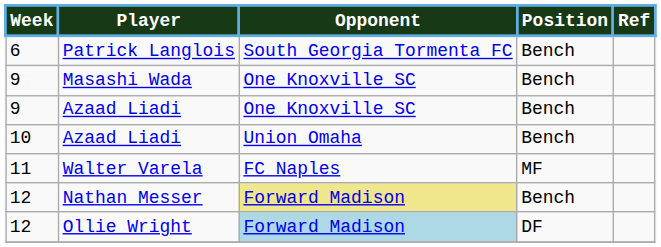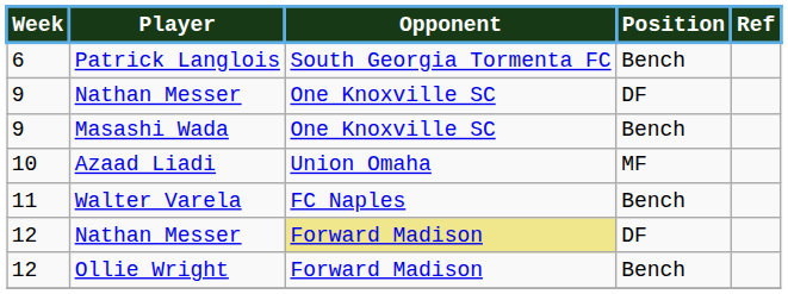 <table class=wikitable>
 <tr>
 <th style="background:#173916; color:#FFFFFF; border:2px solid #5FAFE4;">Week</th>
 <th style="background:#173916; color:#FFFFFF; border:2px solid #5FAFE4;">Player</th>
 <th style="background:#173916; color:#FFFFFF; border:2px solid #5FAFE4;">Opponent</th>
 <th style="background:#173916; color:#FFFFFF; border:2px solid #5FAFE4;">Position</th>
 <th style="background:#173916; color:#FFFFFF; border:2px solid #5FAFE4;">Ref</th>
 </tr>
 <tr>
 <td>6</td>
 <td> <a href='#'>Patrick Langlois</a></td>
 <td><a href='#'>South Georgia Tormenta FC</a></td>
 <td>Bench</td>
 <td></td>
 </tr>
 <tr>
 <td>9</td>
-<td> <a href='#'>Masashi Wada</a></td>
+<td> <a href='#'>Nathan Messer</a></td>
 <td><a href='#'>One Knoxville SC</a></td>
-<td>Bench</td>
+<td>DF</td>
 <td></td>
 </tr>
 <tr>
 <td>9</td>
-<td> <a href='#'>Azaad Liadi</a></td>
+<td> <a href='#'>Masashi Wada</a></td>
 <td><a href='#'>One Knoxville SC</a></td>
 <td>Bench</td>
 <td></td>
 </tr>
 <tr>
 <td>10</td>
 <td> <a href='#'>Azaad Liadi</a></td>
 <td><a href='#'>Union Omaha</a></td>
-<td>Bench</td>
+<td>MF</td>
 <td></td>
 </tr>
 <tr>
 <td>11</td>
 <td> <a href='#'>Walter Varela</a></td>
 <td><a href='#'>FC Naples</a></td>
-<td>MF</td>
+<td>Bench</td>
 <td></td>
 </tr>
 <tr>
 <td>12</td>
 <td> <a href='#'>Nathan Messer</a></td>
 <td style="background: khaki;"><a href='#'>Forward Madison</a></td>
-<td>Bench</td>
+<td>DF</td>
 <td></td>
 </tr>
 <tr>
 <td>12</td>
 <td> <a href='#'>Ollie Wright</a></td>
-<td style="background: lightblue;"><a href='#'>Forward Madison</a></td>
-<td>DF</td>
+<td><a href='#'>Forward Madison</a></td>
+<td>Bench</td>
 <td></td>
 </tr>
 <tr>
 </tr>
 </table>
